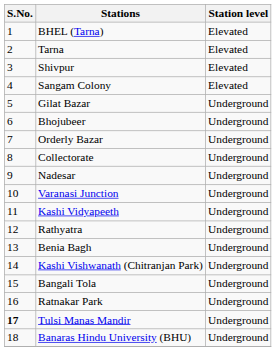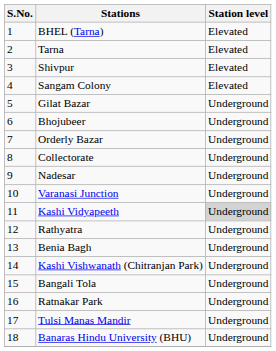 <table class="wikitable" style="margin:auto;">
 <tr>
 <th>S.No.</th>
 <th>Stations</th>
 <th>Station level</th>
 </tr>
 <tr>
 <td>1</td>
 <td>BHEL (<a href='#'>Tarna</a>)</td>
 <td>Elevated</td>
 </tr>
 <tr>
 <td>2</td>
 <td>Tarna</td>
 <td>Elevated</td>
 </tr>
 <tr>
 <td>3</td>
 <td>Shivpur</td>
 <td>Elevated</td>
 </tr>
 <tr>
 <td>4</td>
 <td>Sangam Colony</td>
 <td>Elevated</td>
 </tr>
 <tr>
 <td>5</td>
 <td>Gilat Bazar</td>
 <td>Underground</td>
 </tr>
 <tr>
 <td>6</td>
 <td>Bhojubeer</td>
 <td>Underground</td>
 </tr>
 <tr>
 <td>7</td>
 <td>Orderly Bazar</td>
 <td>Underground</td>
 </tr>
 <tr>
 <td>8</td>
 <td>Collectorate</td>
 <td>Underground</td>
 </tr>
 <tr>
 <td>9</td>
 <td>Nadesar</td>
 <td>Underground</td>
 </tr>
 <tr>
 <td>10</td>
 <td><a href='#'>Varanasi Junction</a></td>
 <td>Underground</td>
 </tr>
 <tr>
 <td>11</td>
 <td><a href='#'>Kashi Vidyapeeth</a></td>
-<td>Underground</td>
+<td style="background: lightgrey;">Underground</td>
 </tr>
 <tr>
 <td>12</td>
 <td>Rathyatra</td>
 <td>Underground</td>
 </tr>
 <tr>
 <td>13</td>
 <td>Benia Bagh</td>
 <td>Underground</td>
 </tr>
 <tr>
 <td>14</td>
 <td><a href='#'>Kashi Vishwanath</a> (Chitranjan Park)</td>
 <td>Underground</td>
 </tr>
 <tr>
 <td>15</td>
 <td>Bangali Tola</td>
 <td>Underground</td>
 </tr>
 <tr>
 <td>16</td>
 <td>Ratnakar Park</td>
 <td>Underground</td>
 </tr>
 <tr>
-<td><strong>17</strong></td>
+<td>17</td>
 <td><a href='#'>Tulsi Manas Mandir</a></td>
 <td>Underground</td>
 </tr>
 <tr>
 <td>18</td>
 <td><a href='#'>Banaras Hindu University</a> (BHU)</td>
 <td>Underground</td>
 </tr>
 <tr>
 </tr>
 </table>
